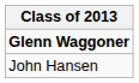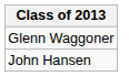 <table class="wikitable" border="1">
 <tr>
 <th>Class of 2013</th>
 </tr>
 <tr>
-<td><strong>Glenn Waggoner</strong></td>
+<td>Glenn Waggoner</td>
 </tr>
 <tr>
 <td>John Hansen</td>
 </tr>
 </table>
